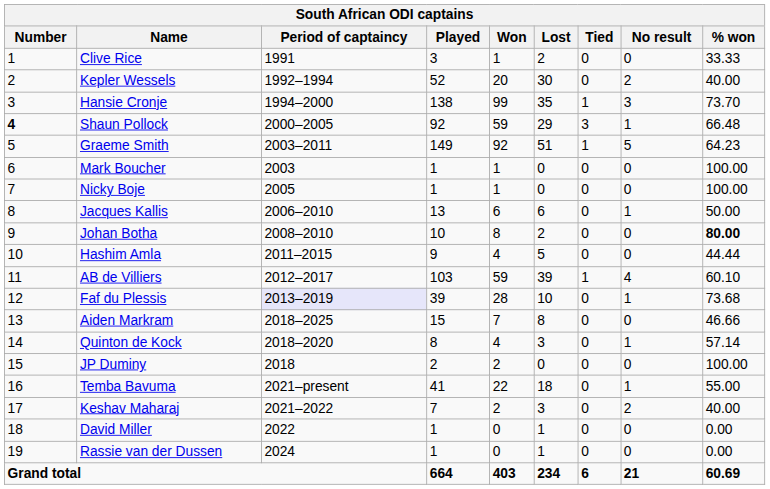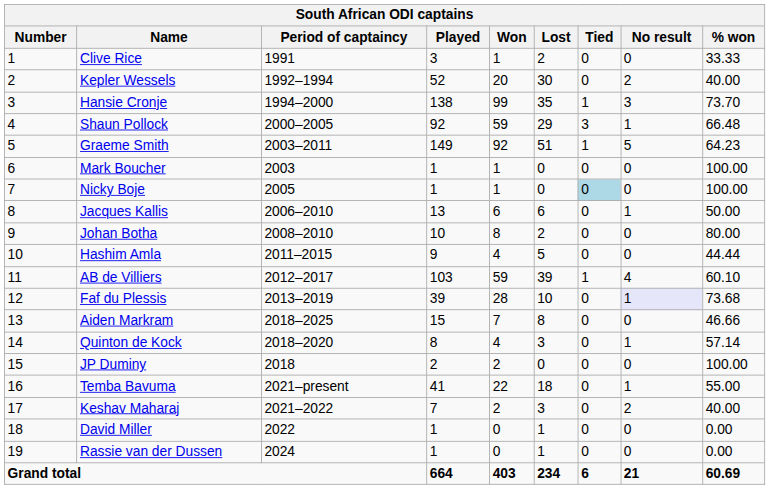 <table class="wikitable sortable collapsible" width="70%">
 <tr bgcolor="#efefef">
 <th colspan="10" style="border-right:0px;" ;>South African ODI captains</th>
 </tr>
 <tr bgcolor="#efefef">
 <th>Number</th>
 <th>Name</th>
 <th>Period of captaincy</th>
 <th>Played</th>
 <th>Won</th>
 <th>Lost</th>
 <th>Tied</th>
 <th>No result</th>
 <th>% won</th>
 </tr>
 <tr>
 <td>1</td>
 <td><a href='#'>Clive Rice</a></td>
 <td>1991</td>
 <td>3</td>
 <td>1</td>
 <td>2</td>
 <td>0</td>
 <td>0</td>
 <td>33.33</td>
 </tr>
 <tr>
 <td>2</td>
 <td><a href='#'>Kepler Wessels</a></td>
 <td>1992–1994</td>
 <td>52</td>
 <td>20</td>
 <td>30</td>
 <td>0</td>
 <td>2</td>
 <td>40.00</td>
 </tr>
 <tr>
 <td>3</td>
 <td><a href='#'>Hansie Cronje</a></td>
 <td>1994–2000</td>
 <td>138</td>
 <td>99</td>
 <td>35</td>
 <td>1</td>
 <td>3</td>
 <td>73.70</td>
 </tr>
 <tr>
-<td><strong>4</strong></td>
+<td>4</td>
 <td><a href='#'>Shaun Pollock</a></td>
 <td>2000–2005</td>
 <td>92</td>
 <td>59</td>
 <td>29</td>
 <td>3</td>
 <td>1</td>
 <td>66.48</td>
 </tr>
 <tr>
 <td>5</td>
 <td><a href='#'>Graeme Smith</a></td>
 <td>2003–2011</td>
 <td>149</td>
 <td>92</td>
 <td>51</td>
 <td>1</td>
 <td>5</td>
 <td>64.23</td>
 </tr>
 <tr>
 <td>6</td>
 <td><a href='#'>Mark Boucher</a></td>
 <td>2003</td>
 <td>1</td>
 <td>1</td>
 <td>0</td>
 <td>0</td>
 <td>0</td>
 <td>100.00</td>
 </tr>
 <tr>
 <td>7</td>
 <td><a href='#'>Nicky Boje</a></td>
 <td>2005</td>
 <td>1</td>
 <td>1</td>
 <td>0</td>
-<td>0</td>
+<td style="background: lightblue;">0</td>
 <td>0</td>
 <td>100.00</td>
 </tr>
 <tr>
 <td>8</td>
 <td><a href='#'>Jacques Kallis</a></td>
 <td>2006–2010</td>
 <td>13</td>
 <td>6</td>
 <td>6</td>
 <td>0</td>
 <td>1</td>
 <td>50.00</td>
 </tr>
 <tr>
 <td>9</td>
 <td><a href='#'>Johan Botha</a></td>
 <td>2008–2010</td>
 <td>10</td>
 <td>8</td>
 <td>2</td>
 <td>0</td>
 <td>0</td>
-<td><strong>80.00</strong></td>
+<td>80.00</td>
 </tr>
 <tr>
 <td>10</td>
 <td><a href='#'>Hashim Amla</a></td>
 <td>2011–2015</td>
 <td>9</td>
 <td>4</td>
 <td>5</td>
 <td>0</td>
 <td>0</td>
 <td>44.44</td>
 </tr>
 <tr>
 <td>11</td>
 <td><a href='#'>AB de Villiers</a></td>
 <td>2012–2017</td>
 <td>103</td>
 <td>59</td>
 <td>39</td>
 <td>1</td>
 <td>4</td>
 <td>60.10</td>
 </tr>
 <tr>
 <td>12</td>
 <td><a href='#'>Faf du Plessis</a></td>
-<td style="background: lavender;">2013–2019</td>
+<td>2013–2019</td>
 <td>39</td>
 <td>28</td>
 <td>10</td>
 <td>0</td>
-<td>1</td>
+<td style="background: lavender;">1</td>
 <td>73.68</td>
 </tr>
 <tr>
 <td>13</td>
 <td><a href='#'>Aiden Markram</a></td>
 <td>2018–2025</td>
 <td>15</td>
 <td>7</td>
 <td>8</td>
 <td>0</td>
 <td>0</td>
 <td>46.66</td>
 </tr>
 <tr>
 <td>14</td>
 <td><a href='#'>Quinton de Kock</a></td>
 <td>2018–2020</td>
 <td>8</td>
 <td>4</td>
 <td>3</td>
 <td>0</td>
 <td>1</td>
 <td>57.14</td>
 </tr>
 <tr>
 <td>15</td>
 <td><a href='#'>JP Duminy</a></td>
 <td>2018</td>
 <td>2</td>
 <td>2</td>
 <td>0</td>
 <td>0</td>
 <td>0</td>
 <td>100.00</td>
 </tr>
 <tr>
 <td>16</td>
 <td><a href='#'>Temba Bavuma</a></td>
 <td>2021–present</td>
 <td>41</td>
 <td>22</td>
 <td>18</td>
 <td>0</td>
 <td>1</td>
 <td>55.00</td>
 </tr>
 <tr>
 <td>17</td>
 <td><a href='#'>Keshav Maharaj</a></td>
 <td>2021–2022</td>
 <td>7</td>
 <td>2</td>
 <td>3</td>
 <td>0</td>
 <td>2</td>
 <td>40.00</td>
 </tr>
 <tr>
 <td>18</td>
 <td><a href='#'>David Miller</a></td>
 <td>2022</td>
 <td>1</td>
 <td>0</td>
 <td>1</td>
 <td>0</td>
 <td>0</td>
 <td>0.00</td>
 </tr>
 <tr>
 <td>19</td>
 <td><a href='#'>Rassie van der Dussen</a></td>
 <td>2024</td>
 <td>1</td>
 <td>0</td>
 <td>1</td>
 <td>0</td>
 <td>0</td>
 <td>0.00</td>
 </tr>
 <tr>
 <td colspan="3"><strong>Grand total</strong></td>
 <td><strong>664</strong></td>
 <td><strong>403</strong></td>
 <td><strong>234</strong></td>
 <td><strong>6</strong></td>
 <td><strong>21</strong></td>
 <td><strong>60.69</strong></td>
 </tr>
 </table>
